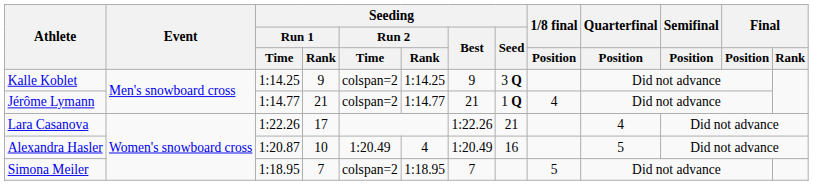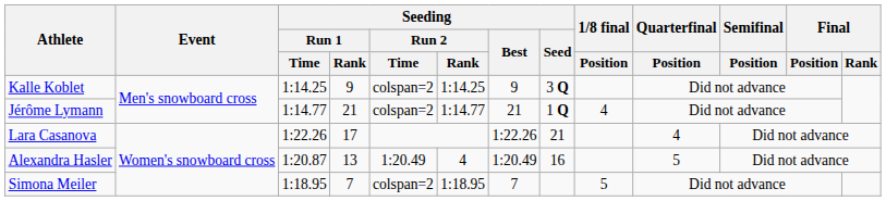 <table class=wikitable style=font-size:90%>
 <tr>
 <th rowspan=3>Athlete</th>
 <th rowspan=3>Event</th>
 <th colspan=6>Seeding</th>
 <th rowspan=2>1/8 final</th>
 <th rowspan=2>Quarterfinal</th>
 <th rowspan=2>Semifinal</th>
 <th rowspan=2 colspan=2>Final</th>
 </tr>
 <tr style=font-size:95%>
 <th colspan=2>Run 1</th>
 <th colspan=2>Run 2</th>
 <th rowspan=2>Best</th>
 <th rowspan=2>Seed</th>
 </tr>
 <tr style=font-size:95%>
 <th>Time</th>
 <th>Rank</th>
 <th>Time</th>
 <th>Rank</th>
 <th>Position</th>
 <th>Position</th>
 <th>Position</th>
 <th>Position</th>
 <th>Rank</th>
 </tr>
 <tr align=center>
 <td align=left><a href='#'>Kalle Koblet</a></td>
 <td align=left rowspan=2><a href='#'>Men's snowboard cross</a></td>
 <td>1:14.25</td>
 <td>9</td>
 <td>colspan=2 </td>
 <td>1:14.25</td>
 <td>9</td>
 <td>3 <strong>Q</strong></td>
 <td></td>
 <td colspan=3>Did not advance</td>
 </tr>
 <tr align=center>
 <td align=left><a href='#'>Jérôme Lymann</a></td>
 <td>1:14.77</td>
 <td>21</td>
 <td>colspan=2 </td>
 <td>1:14.77</td>
 <td>21</td>
 <td>1 <strong>Q</strong></td>
 <td>4</td>
 <td colspan=3>Did not advance</td>
 </tr>
 <tr align=center>
 <td align=left><a href='#'>Lara Casanova</a></td>
 <td align=left rowspan=3><a href='#'>Women's snowboard cross</a></td>
 <td>1:22.26</td>
 <td>17</td>
 <td colspan=2></td>
 <td>1:22.26</td>
 <td>21</td>
 <td></td>
 <td>4</td>
 <td colspan=3>Did not advance</td>
 </tr>
 <tr align=center>
 <td align=left><a href='#'>Alexandra Hasler</a></td>
 <td>1:20.87</td>
-<td>10</td>
+<td>13</td>
 <td>1:20.49</td>
 <td>4</td>
 <td>1:20.49</td>
 <td>16</td>
 <td></td>
 <td>5</td>
 <td colspan=3>Did not advance</td>
 </tr>
 <tr align=center>
 <td align=left><a href='#'>Simona Meiler</a></td>
 <td>1:18.95</td>
 <td>7</td>
 <td>colspan=2 </td>
 <td>1:18.95</td>
 <td>7</td>
 <td></td>
 <td>5</td>
 <td colspan=3>Did not advance</td>
 </tr>
 </table>
